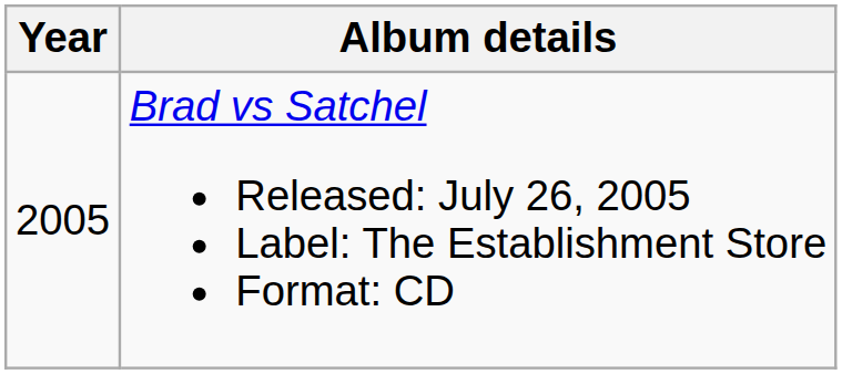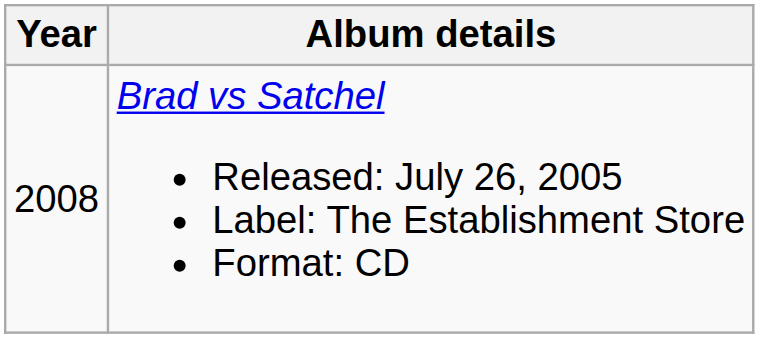 <table class ="wikitable" border="1">
 <tr>
 <th>Year</th>
 <th>Album details</th>
 </tr>
 <tr>
-<td>2005</td>
+<td>2008</td>
 <td><em><a href='#'>Brad vs Satchel</a></em><br><ul><li>Released: July 26, 2005</li><li>Label: The Establishment Store</li><li>Format: CD</li></ul></td>
 </tr>
 </table>
